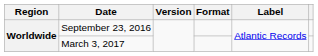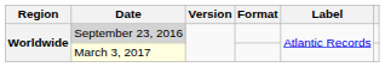 <table class="wikitable plainrowheaders">
 <tr>
 <th scope="col">Region</th>
 <th scope="col">Date</th>
 <th scope="col">Version</th>
 <th scope="col">Format</th>
 <th scope="col">Label</th>
 <th scope="col"></th>
 </tr>
 <tr>
 <th scope="row" rowspan="2">Worldwide</th>
-<td>September 23, 2016</td>
+<td style="background: lightgrey;">September 23, 2016</td>
 <td rowspan="2"></td>
 <td></td>
 <td rowspan="2"><a href='#'>Atlantic Records</a></td>
 <td></td>
 </tr>
 <tr>
-<td>March 3, 2017</td>
+<td style="background: lightyellow;">March 3, 2017</td>
 <td></td>
 <td></td>
 </tr>
 </table>
